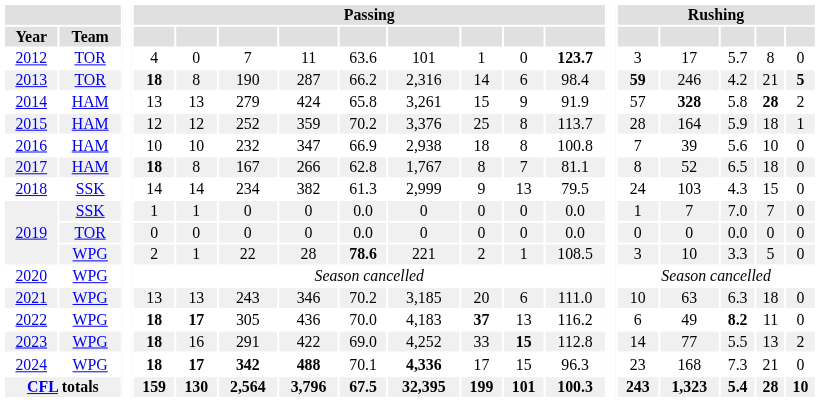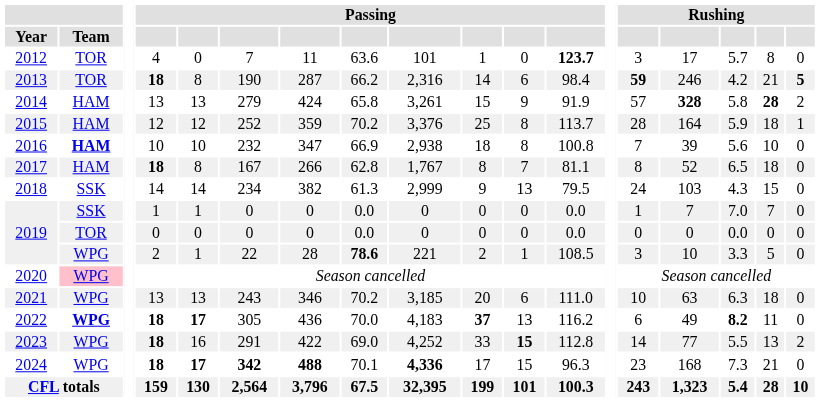 <table BORDER="0" CELLPADDING="1" CELLSPACING="2" width="65%" style="text-align:center">
 <tr bgcolor="#e0e0e0">
 <th colspan="2"></th>
 <th rowspan="100" bgcolor="#ffffff"> </th>
 <th colspan="9">Passing</th>
 <th rowspan="100" bgcolor="#ffffff"> </th>
 <th colspan="6">Rushing</th>
 </tr>
 <tr bgcolor="#e0e0e0">
 <th>Year</th>
 <th>Team</th>
 <th></th>
 <th></th>
 <th></th>
 <th></th>
 <th></th>
 <th></th>
 <th></th>
 <th></th>
 <th></th>
 <th></th>
 <th></th>
 <th></th>
 <th></th>
 <th></th>
 </tr>
 <tr ALIGN="center">
 <td><a href='#'>2012</a></td>
 <td><a href='#'>TOR</a></td>
 <td>4</td>
 <td>0</td>
 <td>7</td>
 <td>11</td>
 <td>63.6</td>
 <td>101</td>
 <td>1</td>
 <td>0</td>
 <td><strong>123.7</strong></td>
 <td>3</td>
 <td>17</td>
 <td>5.7</td>
 <td>8</td>
 <td>0</td>
 </tr>
 <tr ALIGN="center" bgcolor="#f0f0f0">
 <td><a href='#'>2013</a></td>
 <td><a href='#'>TOR</a></td>
 <td><strong>18</strong></td>
 <td>8</td>
 <td>190</td>
 <td>287</td>
 <td>66.2</td>
 <td>2,316</td>
 <td>14</td>
 <td>6</td>
 <td>98.4</td>
 <td><strong>59</strong></td>
 <td>246</td>
 <td>4.2</td>
 <td>21</td>
 <td><strong>5</strong></td>
 </tr>
 <tr ALIGN="center">
 <td><a href='#'>2014</a></td>
 <td><a href='#'>HAM</a></td>
 <td>13</td>
 <td>13</td>
 <td>279</td>
 <td>424</td>
 <td>65.8</td>
 <td>3,261</td>
 <td>15</td>
 <td>9</td>
 <td>91.9</td>
 <td>57</td>
 <td><strong>328</strong></td>
 <td>5.8</td>
 <td><strong>28</strong></td>
 <td>2</td>
 </tr>
 <tr ALIGN="center" bgcolor="#f0f0f0">
 <td><a href='#'>2015</a></td>
 <td><a href='#'>HAM</a></td>
 <td>12</td>
 <td>12</td>
 <td>252</td>
 <td>359</td>
 <td>70.2</td>
 <td>3,376</td>
 <td>25</td>
 <td>8</td>
 <td>113.7</td>
 <td>28</td>
 <td>164</td>
 <td>5.9</td>
 <td>18</td>
 <td>1</td>
 </tr>
 <tr ALIGN="center">
 <td><a href='#'>2016</a></td>
-<td><a href='#'>HAM</a></td>
+<td><strong><a href='#'>HAM</a></strong></td>
 <td>10</td>
 <td>10</td>
 <td>232</td>
 <td>347</td>
 <td>66.9</td>
 <td>2,938</td>
 <td>18</td>
 <td>8</td>
 <td>100.8</td>
 <td>7</td>
 <td>39</td>
 <td>5.6</td>
 <td>10</td>
 <td>0</td>
 </tr>
 <tr ALIGN="center" bgcolor="#f0f0f0">
 <td><a href='#'>2017</a></td>
 <td><a href='#'>HAM</a></td>
 <td><strong>18</strong></td>
 <td>8</td>
 <td>167</td>
 <td>266</td>
 <td>62.8</td>
 <td>1,767</td>
 <td>8</td>
 <td>7</td>
 <td>81.1</td>
 <td>8</td>
 <td>52</td>
 <td>6.5</td>
 <td>18</td>
 <td>0</td>
 </tr>
 <tr>
 <td><a href='#'>2018</a></td>
 <td><a href='#'>SSK</a></td>
 <td>14</td>
 <td>14</td>
 <td>234</td>
 <td>382</td>
 <td>61.3</td>
 <td>2,999</td>
 <td>9</td>
 <td>13</td>
 <td>79.5</td>
 <td>24</td>
 <td>103</td>
 <td>4.3</td>
 <td>15</td>
 <td>0</td>
 </tr>
 <tr ALIGN="center" bgcolor="#f0f0f0">
 <td rowspan="3" style="text-align: center;" valign="middle"><a href='#'>2019</a></td>
 <td><a href='#'>SSK</a></td>
 <td>1</td>
 <td>1</td>
 <td>0</td>
 <td>0</td>
 <td>0.0</td>
 <td>0</td>
 <td>0</td>
 <td>0</td>
 <td>0.0</td>
 <td>1</td>
 <td>7</td>
 <td>7.0</td>
 <td>7</td>
 <td>0</td>
 </tr>
 <tr ALIGN="center" bgcolor="#f0f0f0">
 <td><a href='#'>TOR</a></td>
 <td>0</td>
 <td>0</td>
 <td>0</td>
 <td>0</td>
 <td>0.0</td>
 <td>0</td>
 <td>0</td>
 <td>0</td>
 <td>0.0</td>
 <td>0</td>
 <td>0</td>
 <td>0.0</td>
 <td>0</td>
 <td>0</td>
 </tr>
 <tr ALIGN="center" bgcolor="#f0f0f0">
 <td><a href='#'>WPG</a></td>
 <td>2</td>
 <td>1</td>
 <td>22</td>
 <td>28</td>
 <td><strong>78.6</strong></td>
 <td>221</td>
 <td>2</td>
 <td>1</td>
 <td>108.5</td>
 <td>3</td>
 <td>10</td>
 <td>3.3</td>
 <td>5</td>
 <td>0</td>
 </tr>
 <tr ALIGN="center">
 <td><a href='#'>2020</a></td>
-<td><a href='#'>WPG</a></td>
+<td style="background: pink;"><a href='#'>WPG</a></td>
 <td colspan="9"><em>Season cancelled</em></td>
 <td colspan="6"><em>Season cancelled</em></td>
 </tr>
 <tr ALIGN="center" bgcolor="#f0f0f0">
 <td><a href='#'>2021</a></td>
 <td><a href='#'>WPG</a></td>
 <td>13</td>
 <td>13</td>
 <td>243</td>
 <td>346</td>
 <td>70.2</td>
 <td>3,185</td>
 <td>20</td>
 <td>6</td>
 <td>111.0</td>
 <td>10</td>
 <td>63</td>
 <td>6.3</td>
 <td>18</td>
 <td>0</td>
 </tr>
 <tr ALIGN="center">
 <td><a href='#'>2022</a></td>
-<td><a href='#'>WPG</a></td>
+<td><strong><a href='#'>WPG</a></strong></td>
 <td><strong>18</strong></td>
 <td><strong>17</strong></td>
 <td>305</td>
 <td>436</td>
 <td>70.0</td>
 <td>4,183</td>
 <td><strong>37</strong></td>
 <td>13</td>
 <td>116.2</td>
 <td>6</td>
 <td>49</td>
 <td><strong>8.2</strong></td>
 <td>11</td>
 <td>0</td>
 </tr>
 <tr ALIGN="center" bgcolor="#f0f0f0">
 <td><a href='#'>2023</a></td>
 <td><a href='#'>WPG</a></td>
 <td><strong>18</strong></td>
 <td>16</td>
 <td>291</td>
 <td>422</td>
 <td>69.0</td>
 <td>4,252</td>
 <td>33</td>
 <td><strong>15</strong></td>
 <td>112.8</td>
 <td>14</td>
 <td>77</td>
 <td>5.5</td>
 <td>13</td>
 <td>2</td>
 </tr>
 <tr bgcolor="#e0e0e0">
 </tr>
 <tr ALIGN="center">
 <td><a href='#'>2024</a></td>
 <td><a href='#'>WPG</a></td>
 <td><strong>18</strong></td>
 <td><strong>17</strong></td>
 <td><strong>342</strong></td>
 <td><strong>488</strong></td>
 <td>70.1</td>
 <td><strong>4,336</strong></td>
 <td>17</td>
 <td>15</td>
 <td>96.3</td>
 <td>23</td>
 <td>168</td>
 <td>7.3</td>
 <td>21</td>
 <td>0</td>
 </tr>
 <tr ALIGN="center" bgcolor="f0f0f0">
 <th colspan="2"><a href='#'>CFL</a> totals</th>
 <th>159</th>
 <th>130</th>
 <th>2,564</th>
 <th>3,796</th>
 <th>67.5</th>
 <th>32,395</th>
 <th>199</th>
 <th>101</th>
 <th>100.3</th>
 <th>243</th>
 <th>1,323</th>
 <th>5.4</th>
 <th>28</th>
 <th>10</th>
 </tr>
 </table>
